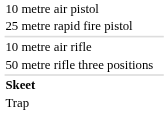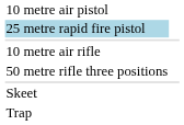 <table>
 <tr>
 <td>10 metre air pistol<br></td>
 <td></td>
 <td></td>
 <td></td>
 </tr>
 <tr>
-<td>25 metre rapid fire pistol<br></td>
+<td style="background: lightblue;">25 metre rapid fire pistol<br></td>
 <td></td>
 <td></td>
 <td></td>
 </tr>
 <tr bgcolor=#DDDDDD>
 <td colspan=7></td>
 </tr>
 <tr>
 <td>10 metre air rifle<br></td>
 <td></td>
 <td></td>
 <td></td>
 </tr>
 <tr>
 <td>50 metre rifle three positions<br></td>
 <td></td>
 <td></td>
 <td></td>
 </tr>
 <tr bgcolor=#DDDDDD>
 <td colspan=7></td>
 </tr>
 <tr>
-<td><strong>Skeet<br></strong></td>
+<td>Skeet<br></td>
 <td></td>
 <td></td>
 <td></td>
 </tr>
 <tr>
 <td>Trap<br></td>
 <td></td>
 <td></td>
 <td></td>
 </tr>
 </table>
